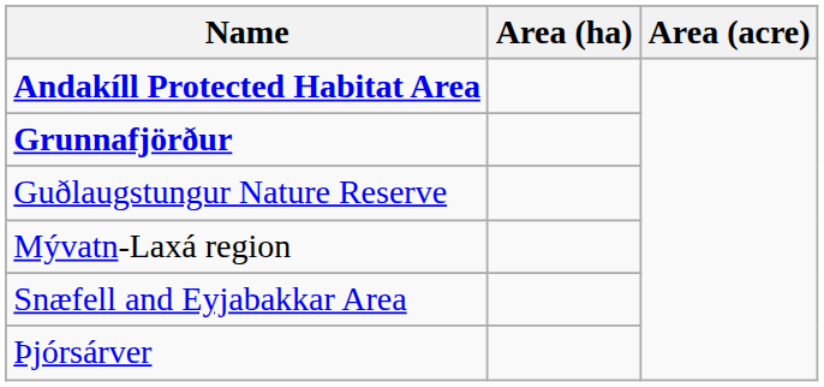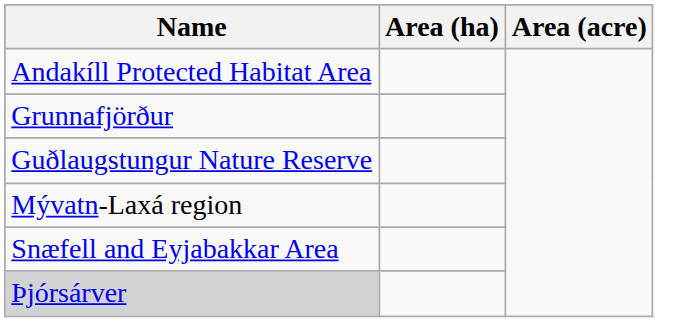 <table class="wikitable">
 <tr>
 <th scope="col" align=left>Name</th>
 <th scope="col">Area (ha)</th>
 <th scope="col">Area (acre)</th>
 </tr>
 <tr ---->
-<td><strong><a href='#'>Andakíll Protected Habitat Area</a></strong></td>
+<td><a href='#'>Andakíll Protected Habitat Area</a></td>
 <td></td>
 </tr>
 <tr ---->
-<td><strong><a href='#'>Grunnafjörður</a></strong></td>
+<td><a href='#'>Grunnafjörður</a></td>
 <td></td>
 </tr>
 <tr ---->
 <td><a href='#'>Guðlaugstungur Nature Reserve</a></td>
 <td></td>
 </tr>
 <tr ---->
 <td><a href='#'>Mývatn</a>-Laxá region</td>
 <td></td>
 </tr>
 <tr ---->
 <td><a href='#'>Snæfell and Eyjabakkar Area</a></td>
 <td></td>
 </tr>
 <tr ---->
-<td><a href='#'>Þjórsárver</a></td>
+<td style="background: lightgrey;"><a href='#'>Þjórsárver</a></td>
 <td></td>
 </tr>
 </table>
